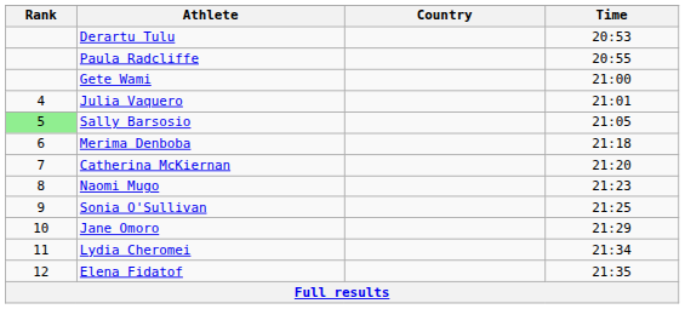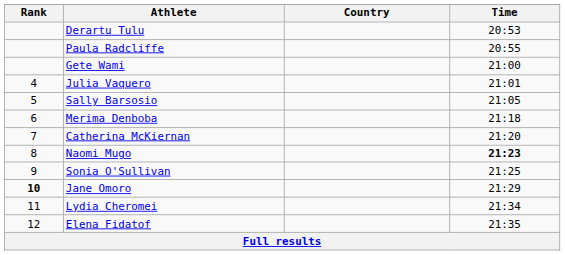 <table class="wikitable sortable" style=" text-align:center; font-size:95%;" width="50%">
 <tr>
 </tr>
 <tr>
 <th width=5%>Rank</th>
 <th width=20%>Athlete</th>
 <th width=15%>Country</th>
 <th width=10%>Time</th>
 </tr>
 <tr>
 <td align=center></td>
 <td align=left><a href='#'>Derartu Tulu</a></td>
 <td align=left></td>
 <td>20:53</td>
 </tr>
 <tr>
 <td align=center></td>
 <td align=left><a href='#'>Paula Radcliffe</a></td>
 <td align=left></td>
 <td>20:55</td>
 </tr>
 <tr>
 <td align=center></td>
 <td align=left><a href='#'>Gete Wami</a></td>
 <td align=left></td>
 <td>21:00</td>
 </tr>
 <tr>
 <td align=center>4</td>
 <td align=left><a href='#'>Julia Vaquero</a></td>
 <td align=left></td>
 <td>21:01</td>
 </tr>
 <tr>
-<td align=center style="background: lightgreen;">5</td>
+<td align=center>5</td>
 <td align=left><a href='#'>Sally Barsosio</a></td>
 <td align=left></td>
 <td>21:05</td>
 </tr>
 <tr>
 <td align=center>6</td>
 <td align=left><a href='#'>Merima Denboba</a></td>
 <td align=left></td>
 <td>21:18</td>
 </tr>
 <tr>
 <td align=center>7</td>
 <td align=left><a href='#'>Catherina McKiernan</a></td>
 <td align=left></td>
 <td>21:20</td>
 </tr>
 <tr>
 <td align=center>8</td>
 <td align=left><a href='#'>Naomi Mugo</a></td>
 <td align=left></td>
-<td>21:23</td>
+<td><strong>21:23</strong></td>
 </tr>
 <tr>
 <td align=center>9</td>
 <td align=left><a href='#'>Sonia O'Sullivan</a></td>
 <td align=left></td>
 <td>21:25</td>
 </tr>
 <tr>
-<td align=center>10</td>
+<td align=center><strong>10</strong></td>
 <td align=left><a href='#'>Jane Omoro</a></td>
 <td align=left></td>
 <td>21:29</td>
 </tr>
 <tr>
 <td align=center>11</td>
 <td align=left><a href='#'>Lydia Cheromei</a></td>
 <td align=left></td>
 <td>21:34</td>
 </tr>
 <tr>
 <td align=center>12</td>
 <td align=left><a href='#'>Elena Fidatof</a></td>
 <td align=left></td>
 <td>21:35</td>
 </tr>
 <tr class="sortbottom">
 <th colspan=4 align=center><a href='#'>Full results</a></th>
 </tr>
 </table>
